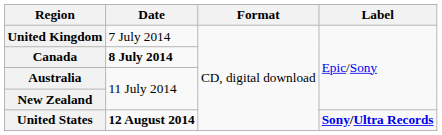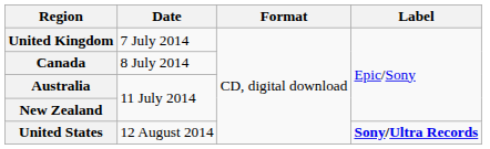 <table class="wikitable plainrowheaders">
 <tr>
 <th scope="col">Region</th>
 <th scope="col">Date</th>
 <th scope="col">Format</th>
 <th scope="col">Label</th>
 </tr>
 <tr>
 <th scope="row">United Kingdom</th>
 <td>7 July 2014</td>
 <td rowspan="5">CD, digital download</td>
 <td rowspan="4"><a href='#'>Epic</a>/<a href='#'>Sony</a></td>
 </tr>
 <tr>
 <th scope="row">Canada</th>
-<td><strong>8 July 2014</strong></td>
+<td>8 July 2014</td>
 </tr>
 <tr>
 <th scope="row">Australia</th>
 <td rowspan="2">11 July 2014</td>
 </tr>
 <tr>
 <th scope="row">New Zealand</th>
 </tr>
 <tr>
 <th scope="row">United States</th>
-<td><strong>12 August 2014</strong></td>
+<td>12 August 2014</td>
 <td><strong><a href='#'>Sony</a>/<a href='#'>Ultra Records</a></strong></td>
 </tr>
 </table>
